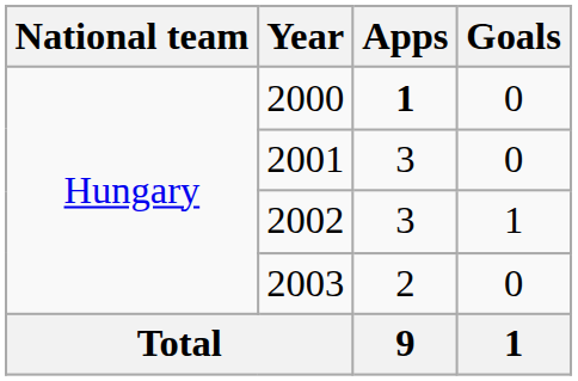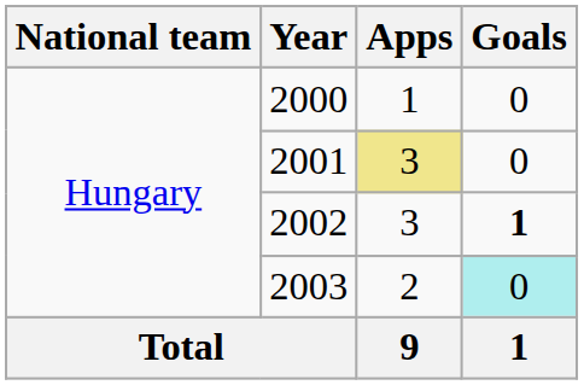 <table class="wikitable" style="text-align:center">
 <tr>
 <th>National team</th>
 <th>Year</th>
 <th>Apps</th>
 <th>Goals</th>
 </tr>
 <tr>
 <td rowspan="4"><a href='#'>Hungary</a></td>
 <td>2000</td>
-<td><strong>1</strong></td>
+<td>1</td>
 <td>0</td>
 </tr>
 <tr>
 <td>2001</td>
-<td>3</td>
+<td style="background: khaki;">3</td>
 <td>0</td>
 </tr>
 <tr>
 <td>2002</td>
 <td>3</td>
-<td>1</td>
+<td><strong>1</strong></td>
 </tr>
 <tr>
 <td>2003</td>
 <td>2</td>
-<td>0</td>
+<td style="background: paleturquoise;">0</td>
 </tr>
 <tr>
 <th colspan="2">Total</th>
 <th>9</th>
 <th>1</th>
 </tr>
 </table>
